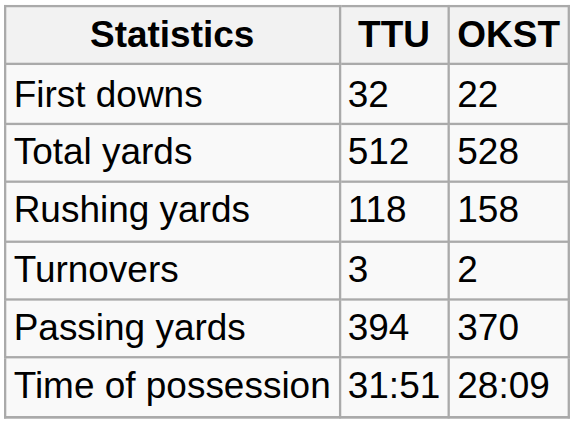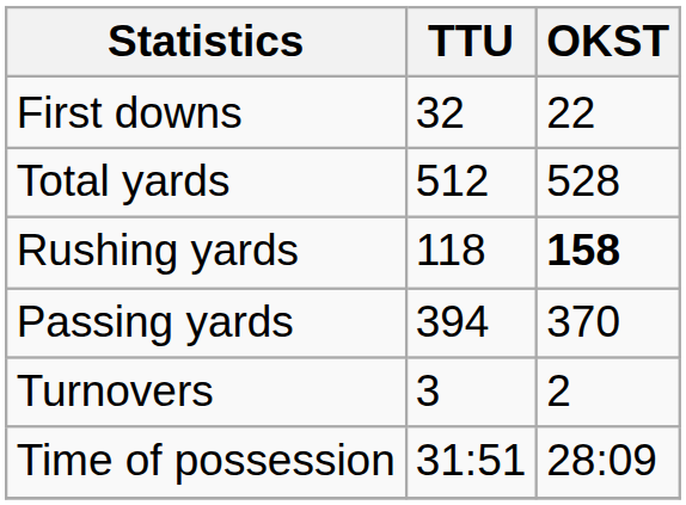 <table class="wikitable" style="float: left;">
 <tr>
 <th>Statistics</th>
 <th>TTU</th>
 <th>OKST</th>
 </tr>
 <tr>
 <td>First downs</td>
 <td>32</td>
 <td>22</td>
 </tr>
 <tr>
 <td>Total yards</td>
 <td>512</td>
 <td>528</td>
 </tr>
 <tr>
 <td>Rushing yards</td>
 <td>118</td>
-<td>158</td>
+<td><strong>158</strong></td>
+</tr>
+<tr>
+<td>Passing yards</td>
+<td>394</td>
+<td>370</td>
 </tr>
 <tr>
 <td>Turnovers</td>
 <td>3</td>
 <td>2</td>
-</tr>
-<tr>
-<td>Passing yards</td>
-<td>394</td>
-<td>370</td>
 </tr>
 <tr>
 <td>Time of possession</td>
 <td>31:51</td>
 <td>28:09</td>
 </tr>
 <tr>
 </tr>
 </table>
